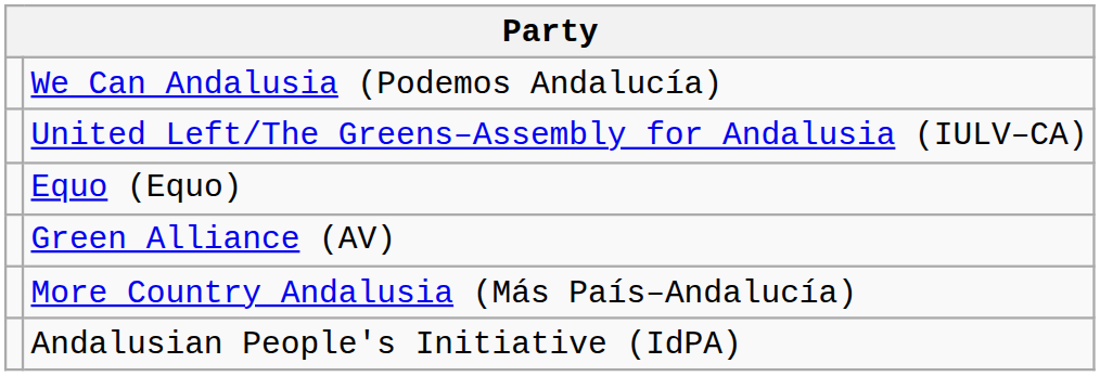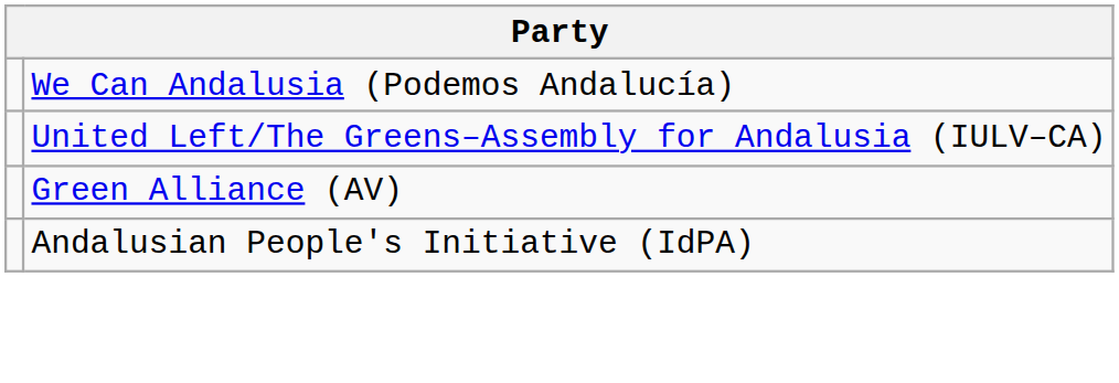 <table class="wikitable" style="text-align:left;">
 <tr>
 <th colspan="2">Party</th>
 </tr>
 <tr>
 <td width="1"></td>
 <td><a href='#'>We Can Andalusia</a> (Podemos Andalucía)</td>
 </tr>
 <tr>
 <td></td>
 <td><a href='#'>United Left/The Greens–Assembly for Andalusia</a> (IULV–CA)</td>
 </tr>
 <tr>
 <td></td>
-<td><a href='#'>Equo</a> (Equo)</td>
-</tr>
-<tr>
-<td></td>
 <td><a href='#'>Green Alliance</a> (AV)</td>
-</tr>
-<tr>
-<td></td>
-<td><a href='#'>More Country Andalusia</a> (Más País–Andalucía)</td>
 </tr>
 <tr>
 <td></td>
 <td>Andalusian People's Initiative (IdPA)</td>
 </tr>
 </table>
